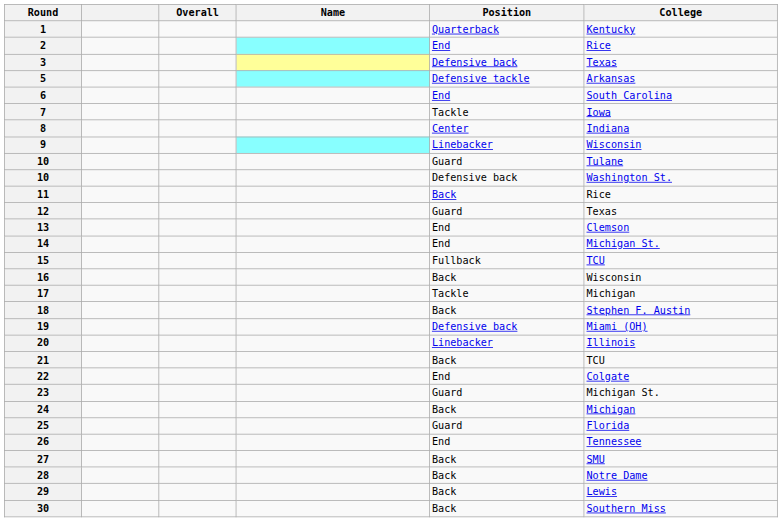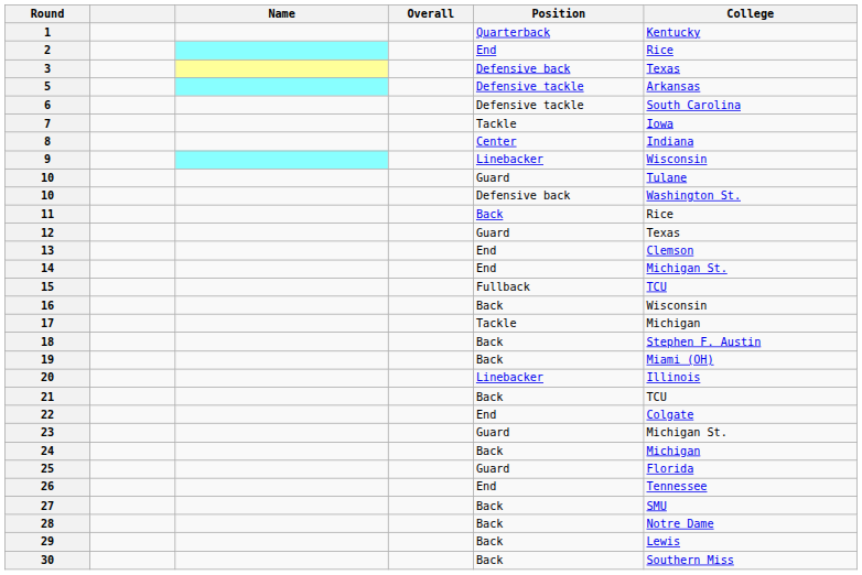 <table class="wikitable sortable" style="width: 50%;">
 <tr>
 <th scope="col" style="width: 10%;">Round</th>
 <th scope="col" style="width: 10%;"></th>
+<th scope="col" style="width: 25%;">Name</th>
 <th scope="col" style="width: 10%;">Overall</th>
-<th scope="col" style="width: 25%;">Name</th>
 <th scope="col" style="width: 20%;">Position</th>
 <th scope="col" style="width: 25%;">College</th>
 </tr>
 <tr>
 <th scope="row">1</th>
 <td></td>
 <td></td>
 <td></td>
 <td><a href='#'>Quarterback</a></td>
 <td><a href='#'>Kentucky</a></td>
 </tr>
 <tr>
 <th scope="row">2</th>
 <td></td>
+<td style="background:#88FFFF;"> <sup></sup></td>
 <td></td>
-<td style="background:#88FFFF;"> <sup></sup></td>
 <td><a href='#'>End</a></td>
 <td><a href='#'>Rice</a></td>
 </tr>
 <tr>
 <th scope="row">3</th>
 <td></td>
+<td style="background:#FFFF99;"> </td>
 <td></td>
-<td style="background:#FFFF99;"> </td>
 <td><a href='#'>Defensive back</a></td>
 <td><a href='#'>Texas</a></td>
 </tr>
 <tr>
 <th scope="row">5</th>
 <td></td>
+<td style="background:#88FFFF;"> <sup></sup></td>
 <td></td>
-<td style="background:#88FFFF;"> <sup></sup></td>
 <td><a href='#'>Defensive tackle</a></td>
 <td><a href='#'>Arkansas</a></td>
 </tr>
 <tr>
 <th scope="row">6</th>
 <td></td>
 <td></td>
 <td></td>
-<td><a href='#'>End</a></td>
+<td>Defensive tackle</td>
 <td><a href='#'>South Carolina</a></td>
 </tr>
 <tr>
 <th scope="row">7</th>
 <td></td>
 <td></td>
 <td></td>
 <td>Tackle</td>
 <td><a href='#'>Iowa</a></td>
 </tr>
 <tr>
 <th scope="row">8</th>
 <td></td>
 <td></td>
 <td></td>
 <td><a href='#'>Center</a></td>
 <td><a href='#'>Indiana</a></td>
 </tr>
 <tr>
 <th scope="row">9</th>
 <td></td>
+<td style="background:#88FFFF;"> <sup></sup></td>
 <td></td>
-<td style="background:#88FFFF;"> <sup></sup></td>
 <td><a href='#'>Linebacker</a></td>
 <td><a href='#'>Wisconsin</a></td>
 </tr>
 <tr>
 <th scope="row">10</th>
 <td></td>
 <td></td>
 <td></td>
 <td>Guard</td>
 <td><a href='#'>Tulane</a></td>
 </tr>
 <tr>
 <th scope="row">10</th>
 <td></td>
 <td></td>
 <td></td>
 <td>Defensive back</td>
 <td><a href='#'>Washington St.</a></td>
 </tr>
 <tr>
 <th scope="row">11</th>
 <td></td>
 <td></td>
 <td></td>
 <td><a href='#'>Back</a></td>
 <td>Rice</td>
 </tr>
 <tr>
 <th scope="row">12</th>
 <td></td>
 <td></td>
 <td></td>
 <td>Guard</td>
 <td>Texas</td>
 </tr>
 <tr>
 <th scope="row">13</th>
 <td></td>
 <td></td>
 <td></td>
 <td>End</td>
 <td><a href='#'>Clemson</a></td>
 </tr>
 <tr>
 <th scope="row">14</th>
 <td></td>
 <td></td>
 <td></td>
 <td>End</td>
 <td><a href='#'>Michigan St.</a></td>
 </tr>
 <tr>
 <th scope="row">15</th>
 <td></td>
 <td></td>
 <td></td>
 <td>Fullback</td>
 <td><a href='#'>TCU</a></td>
 </tr>
 <tr>
 <th scope="row">16</th>
 <td></td>
 <td></td>
 <td></td>
 <td>Back</td>
 <td>Wisconsin</td>
 </tr>
 <tr>
 <th scope="row">17</th>
 <td></td>
 <td></td>
 <td></td>
 <td>Tackle</td>
 <td>Michigan</td>
 </tr>
 <tr>
 <th scope="row">18</th>
 <td></td>
 <td></td>
 <td></td>
 <td>Back</td>
 <td><a href='#'>Stephen F. Austin</a></td>
 </tr>
 <tr>
 <th scope="row">19</th>
 <td></td>
 <td></td>
 <td></td>
-<td><a href='#'>Defensive back</a></td>
+<td>Back</td>
 <td><a href='#'>Miami (OH)</a></td>
 </tr>
 <tr>
 <th scope="row">20</th>
 <td></td>
 <td></td>
 <td></td>
 <td><a href='#'>Linebacker</a></td>
 <td><a href='#'>Illinois</a></td>
 </tr>
 <tr>
 <th scope="row">21</th>
 <td></td>
 <td></td>
 <td></td>
 <td>Back</td>
 <td>TCU</td>
 </tr>
 <tr>
 <th scope="row">22</th>
 <td></td>
 <td></td>
 <td></td>
 <td>End</td>
 <td><a href='#'>Colgate</a></td>
 </tr>
 <tr>
 <th scope="row">23</th>
 <td></td>
 <td></td>
 <td></td>
 <td>Guard</td>
 <td>Michigan St.</td>
 </tr>
 <tr>
 <th scope="row">24</th>
 <td></td>
 <td></td>
 <td></td>
 <td>Back</td>
 <td><a href='#'>Michigan</a></td>
 </tr>
 <tr>
 <th scope="row">25</th>
 <td></td>
 <td></td>
 <td></td>
 <td>Guard</td>
 <td><a href='#'>Florida</a></td>
 </tr>
 <tr>
 <th scope="row">26</th>
 <td></td>
 <td></td>
 <td></td>
 <td>End</td>
 <td><a href='#'>Tennessee</a></td>
 </tr>
 <tr>
 <th scope="row">27</th>
 <td></td>
 <td></td>
 <td></td>
 <td>Back</td>
 <td><a href='#'>SMU</a></td>
 </tr>
 <tr>
 <th scope="row">28</th>
 <td></td>
 <td></td>
 <td></td>
 <td>Back</td>
 <td><a href='#'>Notre Dame</a></td>
 </tr>
 <tr>
 <th scope="row">29</th>
 <td></td>
 <td></td>
 <td></td>
 <td>Back</td>
 <td><a href='#'>Lewis</a></td>
 </tr>
 <tr>
 <th scope="row">30</th>
 <td></td>
 <td></td>
 <td></td>
 <td>Back</td>
 <td><a href='#'>Southern Miss</a></td>
 </tr>
 </table>
